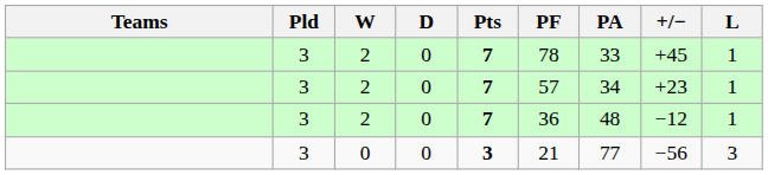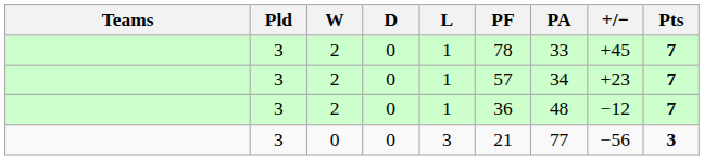 <table class="wikitable" style="text-align: center;">
 <tr>
 <th width="200">Teams</th>
 <th width="40">Pld</th>
 <th width="40">W</th>
 <th width="40">D</th>
-<th width="40">Pts</th>
+<th width="40">L</th>
 <th width="40">PF</th>
 <th width="40">PA</th>
 <th width="40">+/−</th>
-<th width="40">L</th>
+<th width="40">Pts</th>
 </tr>
 <tr bgcolor=ccffcc>
 <td align=left></td>
 <td>3</td>
 <td>2</td>
 <td>0</td>
-<td><strong>7</strong></td>
+<td>1</td>
 <td>78</td>
 <td>33</td>
 <td>+45</td>
-<td>1</td>
+<td><strong>7</strong></td>
 </tr>
 <tr bgcolor=ccffcc>
 <td align=left></td>
 <td>3</td>
 <td>2</td>
 <td>0</td>
-<td><strong>7</strong></td>
+<td>1</td>
 <td>57</td>
 <td>34</td>
 <td>+23</td>
-<td>1</td>
+<td><strong>7</strong></td>
 </tr>
 <tr bgcolor=ccffcc>
 <td align=left></td>
 <td>3</td>
 <td>2</td>
 <td>0</td>
-<td><strong>7</strong></td>
+<td>1</td>
 <td>36</td>
 <td>48</td>
 <td>−12</td>
-<td>1</td>
+<td><strong>7</strong></td>
 </tr>
 <tr>
 <td align=left></td>
 <td>3</td>
 <td>0</td>
 <td>0</td>
-<td><strong>3</strong></td>
+<td>3</td>
 <td>21</td>
 <td>77</td>
 <td>−56</td>
-<td>3</td>
+<td><strong>3</strong></td>
 </tr>
 </table>
